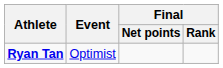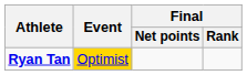 <table class=wikitable style="font-size:90%">
 <tr>
 <th rowspan=2>Athlete</th>
 <th rowspan=2>Event</th>
 <th colspan=2>Final</th>
 </tr>
 <tr style="font-size:95%">
 <th>Net points</th>
 <th>Rank</th>
 </tr>
 <tr align=center>
 <td align=left><strong><a href='#'>Ryan Tan</a></strong></td>
-<td align=left><a href='#'>Optimist</a></td>
+<td align=left style="background: gold;"><a href='#'>Optimist</a></td>
 <td></td>
 <td></td>
 </tr>
 </table>
